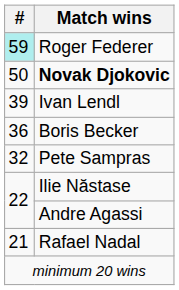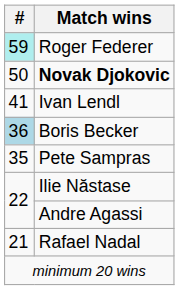 <table class="wikitable" style="display:inline-table;">
 <tr>
 <th width=20>#</th>
 <th>Match wins</th>
 </tr>
 <tr>
 <td style="background: paleturquoise;">59</td>
 <td> Roger Federer</td>
 </tr>
 <tr>
 <td>50</td>
 <td> <strong>Novak Djokovic</strong></td>
 </tr>
 <tr>
-<td>39</td>
+<td>41</td>
 <td> Ivan Lendl</td>
 </tr>
 <tr>
-<td>36</td>
+<td style="background: lightblue;">36</td>
 <td> Boris Becker</td>
 </tr>
 <tr>
-<td>32</td>
+<td>35</td>
 <td> Pete Sampras</td>
 </tr>
 <tr>
 <td rowspan="2">22</td>
 <td> Ilie Năstase</td>
 </tr>
 <tr>
 <td> Andre Agassi</td>
 </tr>
 <tr>
 <td>21</td>
 <td> Rafael Nadal</td>
 </tr>
 <tr>
 <td colspan="3" style="text-align: center;"><small><em>minimum 20 wins</em></small></td>
 </tr>
 </table>
